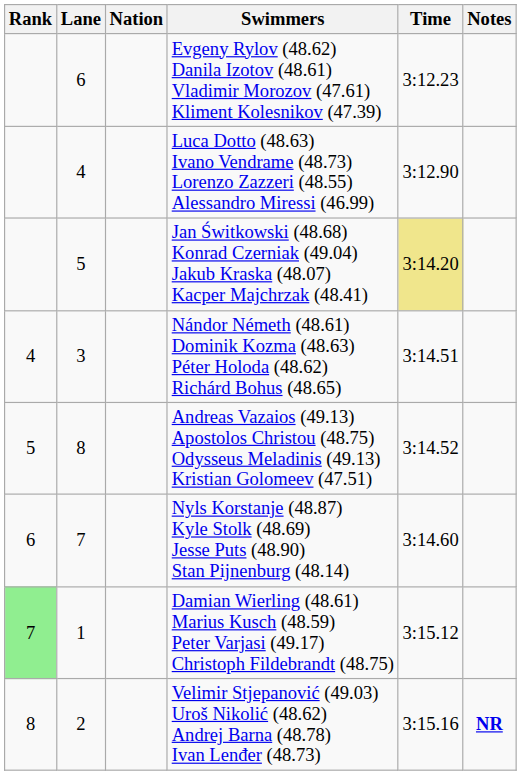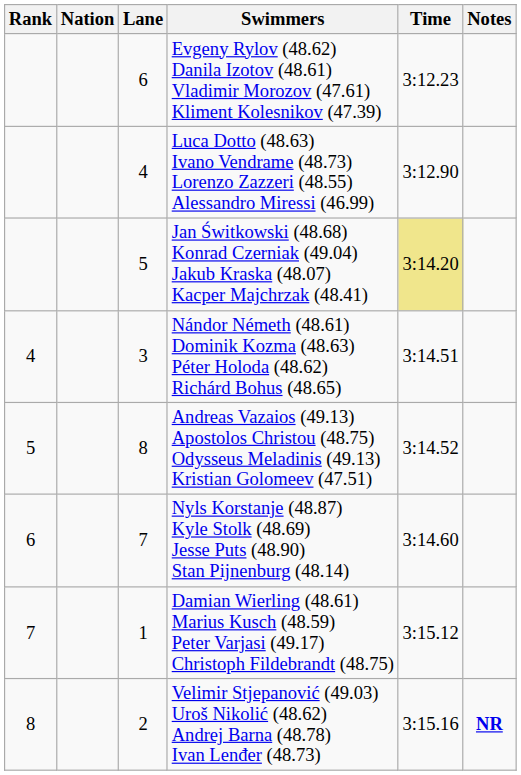 <table class="wikitable sortable" style="text-align:center">
 <tr>
 <th>Rank</th>
+<th>Nation</th>
 <th>Lane</th>
-<th>Nation</th>
 <th>Swimmers</th>
 <th>Time</th>
 <th>Notes</th>
 </tr>
 <tr>
 <td></td>
+<td align=left></td>
 <td>6</td>
-<td align=left></td>
 <td align=left><a href='#'>Evgeny Rylov</a> (48.62)<br><a href='#'>Danila Izotov</a> (48.61)<br><a href='#'>Vladimir Morozov</a> (47.61)<br><a href='#'>Kliment Kolesnikov</a> (47.39)</td>
 <td>3:12.23</td>
 <td></td>
 </tr>
 <tr>
 <td></td>
+<td align=left></td>
 <td>4</td>
-<td align=left></td>
 <td align=left><a href='#'>Luca Dotto</a> (48.63)<br><a href='#'>Ivano Vendrame</a> (48.73)<br><a href='#'>Lorenzo Zazzeri</a> (48.55)<br><a href='#'>Alessandro Miressi</a> (46.99)</td>
 <td>3:12.90</td>
 <td></td>
 </tr>
 <tr>
 <td></td>
+<td align=left></td>
 <td>5</td>
-<td align=left></td>
 <td align=left><a href='#'>Jan Świtkowski</a> (48.68)<br><a href='#'>Konrad Czerniak</a> (49.04)<br><a href='#'>Jakub Kraska</a> (48.07)<br><a href='#'>Kacper Majchrzak</a> (48.41)</td>
 <td style="background: khaki;">3:14.20</td>
 <td></td>
 </tr>
 <tr>
 <td>4</td>
+<td align=left></td>
 <td>3</td>
-<td align=left></td>
 <td align=left><a href='#'>Nándor Németh</a> (48.61)<br><a href='#'>Dominik Kozma</a> (48.63)<br><a href='#'>Péter Holoda</a> (48.62)<br><a href='#'>Richárd Bohus</a> (48.65)</td>
 <td>3:14.51</td>
 <td></td>
 </tr>
 <tr>
 <td>5</td>
+<td align=left></td>
 <td>8</td>
-<td align=left></td>
 <td align=left><a href='#'>Andreas Vazaios</a> (49.13)<br><a href='#'>Apostolos Christou</a> (48.75)<br><a href='#'>Odysseus Meladinis</a> (49.13)<br><a href='#'>Kristian Golomeev</a> (47.51)</td>
 <td>3:14.52</td>
 <td></td>
 </tr>
 <tr>
 <td>6</td>
+<td align=left></td>
 <td>7</td>
-<td align=left></td>
 <td align=left><a href='#'>Nyls Korstanje</a> (48.87)<br><a href='#'>Kyle Stolk</a> (48.69)<br><a href='#'>Jesse Puts</a> (48.90)<br><a href='#'>Stan Pijnenburg</a> (48.14)</td>
 <td>3:14.60</td>
 <td></td>
 </tr>
 <tr>
-<td style="background: lightgreen;">7</td>
+<td>7</td>
+<td align=left></td>
 <td>1</td>
-<td align=left></td>
 <td align=left><a href='#'>Damian Wierling</a> (48.61)<br><a href='#'>Marius Kusch</a> (48.59)<br><a href='#'>Peter Varjasi</a> (49.17)<br><a href='#'>Christoph Fildebrandt</a> (48.75)</td>
 <td>3:15.12</td>
 <td></td>
 </tr>
 <tr>
 <td>8</td>
+<td align=left></td>
 <td>2</td>
-<td align=left></td>
 <td align=left><a href='#'>Velimir Stjepanović</a> (49.03)<br><a href='#'>Uroš Nikolić</a> (48.62)<br><a href='#'>Andrej Barna</a> (48.78)<br><a href='#'>Ivan Lenđer</a> (48.73)</td>
 <td>3:15.16</td>
 <td><strong><a href='#'>NR</a></strong></td>
 </tr>
 </table>
